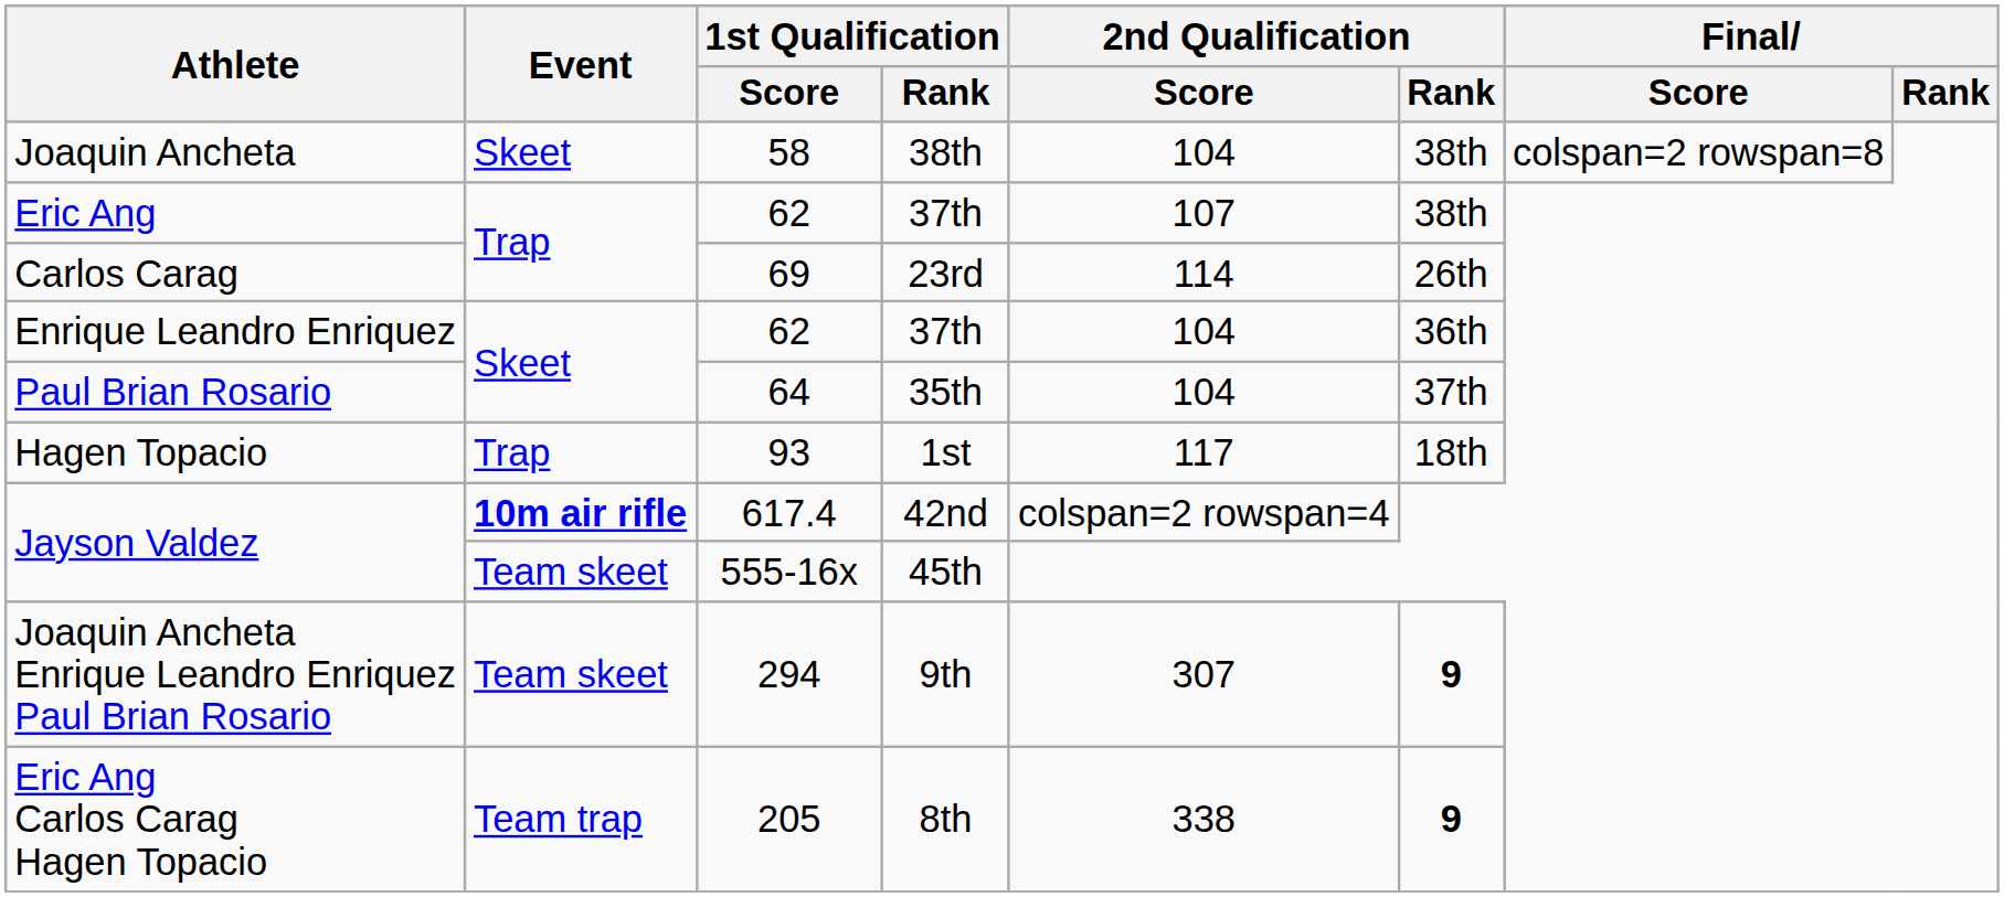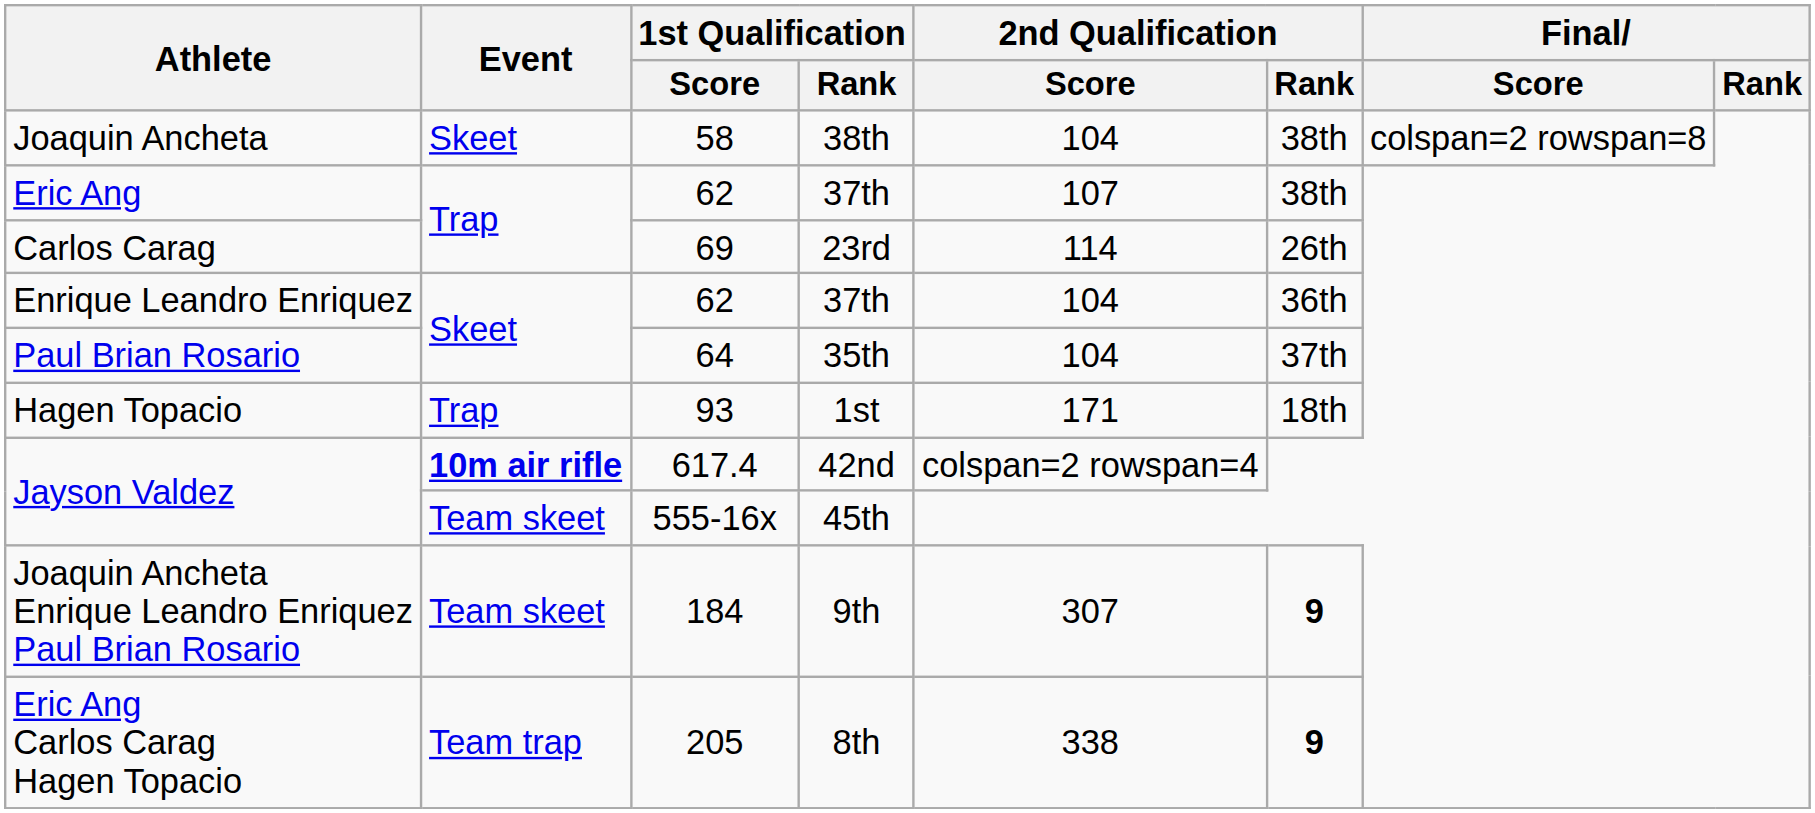 <table class="wikitable" style="font-size:90%">
 <tr>
 <th rowspan=2>Athlete</th>
 <th rowspan=2>Event</th>
 <th colspan=2>1st Qualification</th>
 <th colspan=2>2nd Qualification</th>
 <th colspan=2>Final/</th>
 </tr>
 <tr style="font-size:95%">
 <th>Score</th>
 <th>Rank</th>
 <th>Score</th>
 <th>Rank</th>
 <th>Score</th>
 <th>Rank</th>
 </tr>
 <tr align=center>
 <td align=left>Joaquin Ancheta</td>
 <td align=left><a href='#'>Skeet</a></td>
 <td>58</td>
 <td>38th</td>
 <td>104</td>
 <td>38th</td>
 <td>colspan=2 rowspan=8 </td>
 </tr>
 <tr align=center>
 <td align=left><a href='#'>Eric Ang</a></td>
 <td rowspan=2 align=left><a href='#'>Trap</a></td>
 <td>62</td>
 <td>37th</td>
 <td>107</td>
 <td>38th</td>
 </tr>
 <tr align=center>
 <td align=left>Carlos Carag</td>
 <td>69</td>
 <td>23rd</td>
 <td>114</td>
 <td>26th</td>
 </tr>
 <tr align=center>
 <td align=left>Enrique Leandro Enriquez</td>
 <td rowspan=2 align=left><a href='#'>Skeet</a></td>
 <td>62</td>
 <td>37th</td>
 <td>104</td>
 <td>36th</td>
 </tr>
 <tr align=center>
 <td align=left><a href='#'>Paul Brian Rosario</a></td>
 <td>64</td>
 <td>35th</td>
 <td>104</td>
 <td>37th</td>
 </tr>
 <tr align=center>
 <td align=left>Hagen Topacio</td>
 <td align=left><a href='#'>Trap</a></td>
 <td>93</td>
 <td>1st</td>
-<td>117</td>
+<td>171</td>
 <td>18th</td>
 </tr>
 <tr align=center>
 <td rowspan=2 align=left><a href='#'>Jayson Valdez</a></td>
 <td align=left><strong><a href='#'>10m air rifle</a></strong></td>
 <td>617.4</td>
 <td>42nd</td>
 <td>colspan=2 rowspan=4 </td>
 </tr>
 <tr align=center>
 <td align=left><a href='#'>Team skeet</a></td>
 <td>555-16x</td>
 <td>45th</td>
 </tr>
 <tr align=center>
 <td align=left>Joaquin Ancheta<br>Enrique Leandro Enriquez<br><a href='#'>Paul Brian Rosario</a></td>
 <td align=left><a href='#'>Team skeet</a></td>
-<td>294</td>
+<td>184</td>
 <td>9th</td>
 <td>307</td>
 <td><strong>9</strong></td>
 </tr>
 <tr align=center>
 <td rowspan=2 align=left><a href='#'>Eric Ang</a><br>Carlos Carag<br>Hagen Topacio</td>
 <td align=left><a href='#'>Team trap</a></td>
 <td>205</td>
 <td>8th</td>
 <td>338</td>
 <td><strong>9</strong></td>
 </tr>
 </table>
